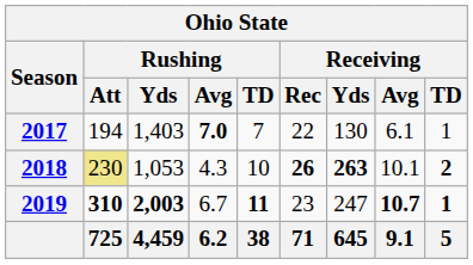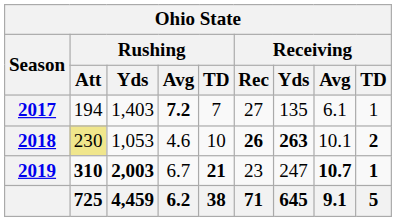 <table class=wikitable style="text-align:center;">
 <tr>
 <th colspan="15">Ohio State</th>
 </tr>
 <tr>
 <th rowspan="2">Season</th>
 <th colspan="4">Rushing</th>
 <th colspan="4">Receiving</th>
 </tr>
 <tr>
 <th>Att</th>
 <th>Yds</th>
 <th>Avg</th>
 <th>TD</th>
 <th>Rec</th>
 <th>Yds</th>
 <th>Avg</th>
 <th>TD</th>
 </tr>
 <tr>
 <th><a href='#'>2017</a></th>
 <td>194</td>
 <td>1,403</td>
-<td><strong>7.0</strong></td>
+<td><strong>7.2</strong></td>
 <td>7</td>
-<td>22</td>
-<td>130</td>
+<td>27</td>
+<td>135</td>
 <td>6.1</td>
 <td>1</td>
 </tr>
 <tr>
 <th><a href='#'>2018</a></th>
 <td style="background: khaki;">230</td>
 <td>1,053</td>
-<td>4.3</td>
+<td>4.6</td>
 <td>10</td>
 <td><strong>26</strong></td>
 <td><strong>263</strong></td>
 <td>10.1</td>
 <td><strong>2</strong></td>
 </tr>
 <tr>
 <th><a href='#'>2019</a></th>
 <td><strong>310</strong></td>
 <td><strong>2,003</strong></td>
 <td>6.7</td>
-<td><strong>11</strong></td>
+<td><strong>21</strong></td>
 <td>23</td>
 <td>247</td>
 <td><strong>10.7</strong></td>
 <td><strong>1</strong></td>
 </tr>
 <tr>
 <th></th>
 <th>725</th>
 <th>4,459</th>
 <th>6.2</th>
 <th>38</th>
 <th>71</th>
 <th>645</th>
 <th>9.1</th>
 <th>5</th>
 </tr>
 </table>
